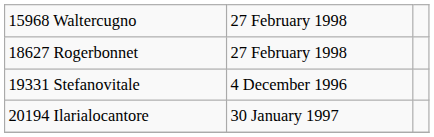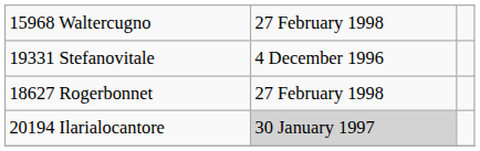 <table class="wikitable" style="font-size: 89%; float: left; width: 26em; margin-right: 1em; height: 112px;">
 <tr>
 <td>15968 Waltercugno</td>
-<td>27 February 1998</td>
-<td> </td>
-</tr>
-<tr>
-<td>18627 Rogerbonnet</td>
 <td>27 February 1998</td>
 <td> </td>
 </tr>
 <tr>
 <td>19331 Stefanovitale</td>
 <td>4 December 1996</td>
 <td> </td>
 </tr>
 <tr>
+<td>18627 Rogerbonnet</td>
+<td>27 February 1998</td>
+<td> </td>
+</tr>
+<tr>
 <td>20194 Ilarialocantore</td>
-<td>30 January 1997</td>
+<td style="background: lightgrey;">30 January 1997</td>
 <td> </td>
 </tr>
 <tr>
 </tr>
 </table>
